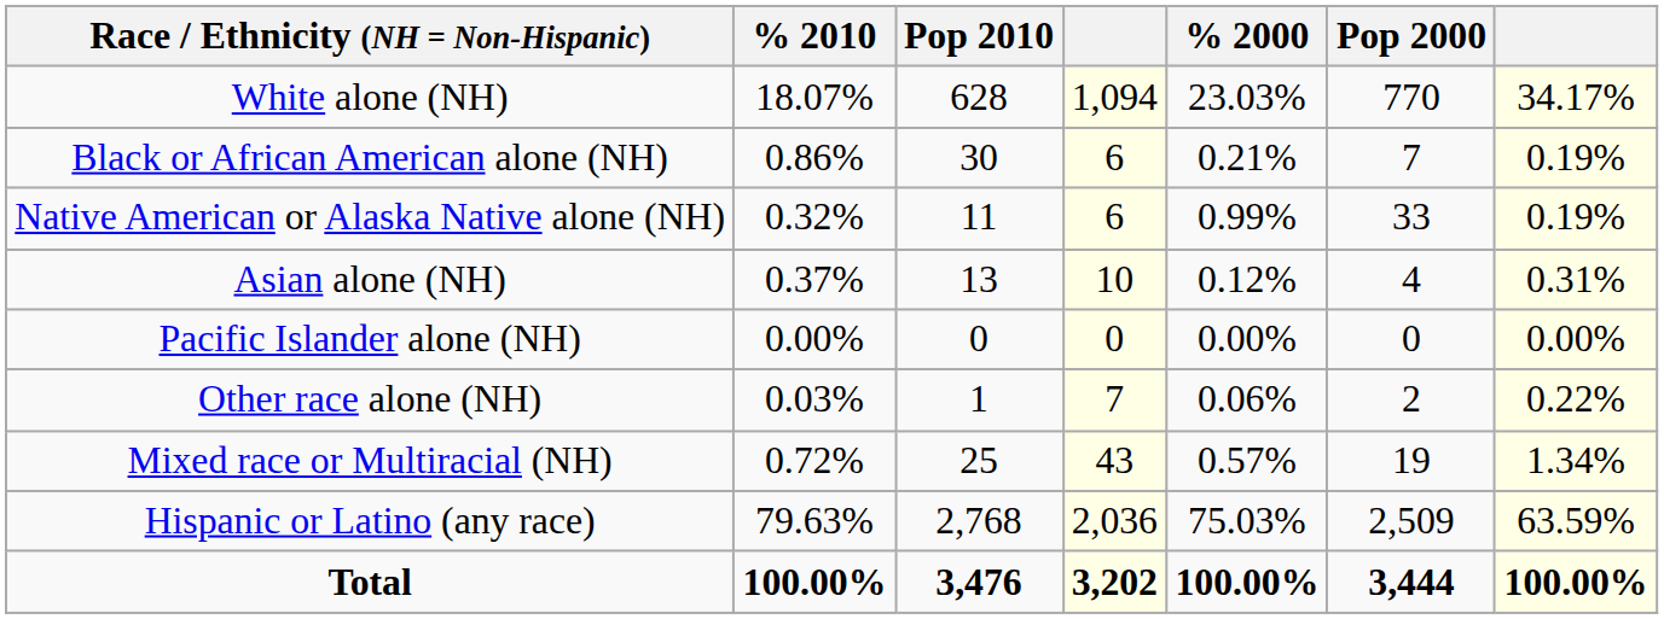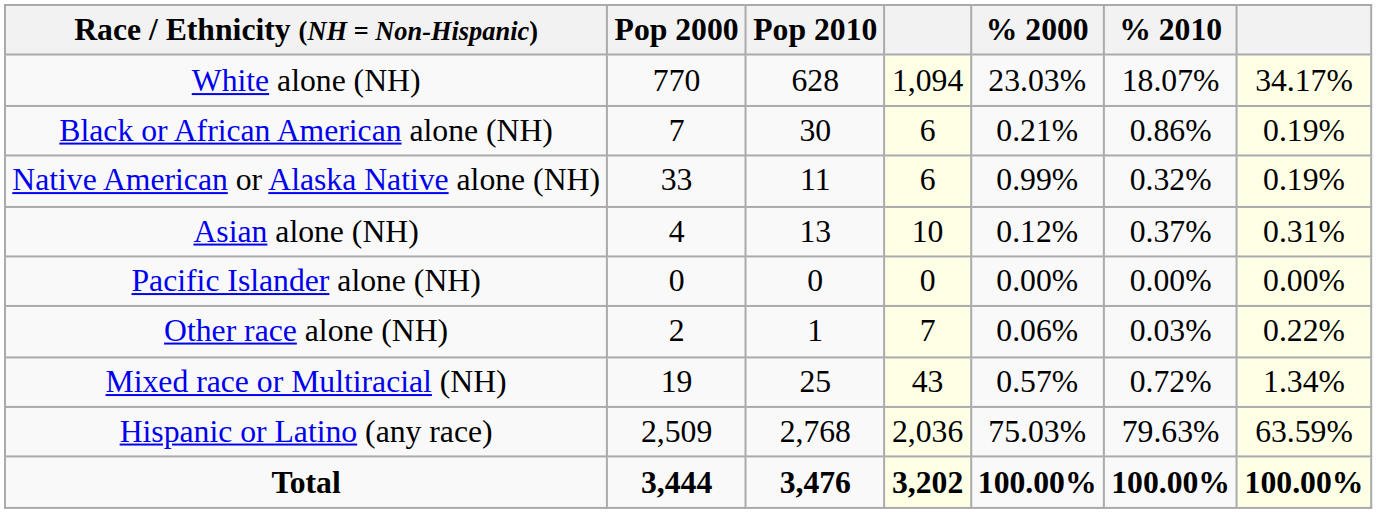 <table class="wikitable" style="text-align:center;">
 <tr>
 <th>Race / Ethnicity <small>(<em>NH = Non-Hispanic</em>)</small></th>
-<th>% 2010</th>
+<th>Pop 2000</th>
 <th>Pop 2010</th>
 <th></th>
 <th>% 2000</th>
-<th>Pop 2000</th>
+<th>% 2010</th>
 <th></th>
 </tr>
 <tr>
 <td><a href='#'>White</a> alone (NH)</td>
-<td>18.07%</td>
+<td>770</td>
 <td>628</td>
 <td style='background: #ffffe6;'>1,094</td>
 <td>23.03%</td>
-<td>770</td>
+<td>18.07%</td>
 <td style='background: #ffffe6;'>34.17%</td>
 </tr>
 <tr>
 <td><a href='#'>Black or African American</a> alone (NH)</td>
-<td>0.86%</td>
+<td>7</td>
 <td>30</td>
 <td style='background: #ffffe6;'>6</td>
 <td>0.21%</td>
-<td>7</td>
+<td>0.86%</td>
 <td style='background: #ffffe6;'>0.19%</td>
 </tr>
 <tr>
 <td><a href='#'>Native American</a> or <a href='#'>Alaska Native</a> alone (NH)</td>
-<td>0.32%</td>
+<td>33</td>
 <td>11</td>
 <td style='background: #ffffe6;'>6</td>
 <td>0.99%</td>
-<td>33</td>
+<td>0.32%</td>
 <td style='background: #ffffe6;'>0.19%</td>
 </tr>
 <tr>
 <td><a href='#'>Asian</a> alone (NH)</td>
-<td>0.37%</td>
+<td>4</td>
 <td>13</td>
 <td style='background: #ffffe6;'>10</td>
 <td>0.12%</td>
-<td>4</td>
+<td>0.37%</td>
 <td style='background: #ffffe6;'>0.31%</td>
 </tr>
 <tr>
 <td><a href='#'>Pacific Islander</a> alone (NH)</td>
-<td>0.00%</td>
+<td>0</td>
 <td>0</td>
 <td style='background: #ffffe6;'>0</td>
 <td>0.00%</td>
-<td>0</td>
+<td>0.00%</td>
 <td style='background: #ffffe6;'>0.00%</td>
 </tr>
 <tr>
 <td><a href='#'>Other race</a> alone (NH)</td>
-<td>0.03%</td>
+<td>2</td>
 <td>1</td>
 <td style='background: #ffffe6;'>7</td>
 <td>0.06%</td>
-<td>2</td>
+<td>0.03%</td>
 <td style='background: #ffffe6;'>0.22%</td>
 </tr>
 <tr>
 <td><a href='#'>Mixed race or Multiracial</a> (NH)</td>
-<td>0.72%</td>
+<td>19</td>
 <td>25</td>
 <td style='background: #ffffe6;'>43</td>
 <td>0.57%</td>
-<td>19</td>
+<td>0.72%</td>
 <td style='background: #ffffe6;'>1.34%</td>
 </tr>
 <tr>
 <td><a href='#'>Hispanic or Latino</a> (any race)</td>
-<td>79.63%</td>
+<td>2,509</td>
 <td>2,768</td>
 <td style='background: #ffffe6;'>2,036</td>
 <td>75.03%</td>
-<td>2,509</td>
+<td>79.63%</td>
 <td style='background: #ffffe6;'>63.59%</td>
 </tr>
 <tr>
 <td><strong>Total</strong></td>
-<td><strong>100.00%</strong></td>
+<td><strong>3,444</strong></td>
 <td><strong>3,476</strong></td>
 <td style='background: #ffffe6;'><strong>3,202</strong></td>
 <td><strong>100.00%</strong></td>
-<td><strong>3,444</strong></td>
+<td><strong>100.00%</strong></td>
 <td style='background: #ffffe6;'><strong>100.00%</strong></td>
 </tr>
 </table>
